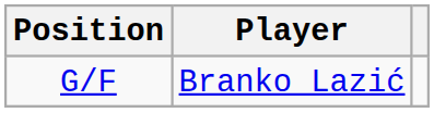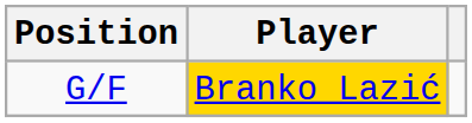 <table class="wikitable" style="text-align: center;">
 <tr>
 <th>Position</th>
 <th>Player</th>
 <th></th>
 </tr>
 <tr>
 <td><a href='#'>G/F</a></td>
-<td style="text-align:left"> <a href='#'>Branko Lazić</a></td>
+<td style="background: gold; text-align:left"> <a href='#'>Branko Lazić</a></td>
 <td></td>
 </tr>
 <tr>
 </tr>
 </table>
